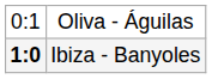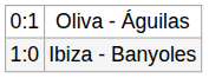 <table class="wikitable">
 <tr align=center bgcolor=white>
 <td>0:1</td>
 <td>Oliva - Águilas</td>
 </tr>
 <tr align=center bgcolor=#F5F5F5>
-<td><strong>1:0</strong></td>
+<td>1:0</td>
 <td>Ibiza - Banyoles</td>
 </tr>
 </table>
